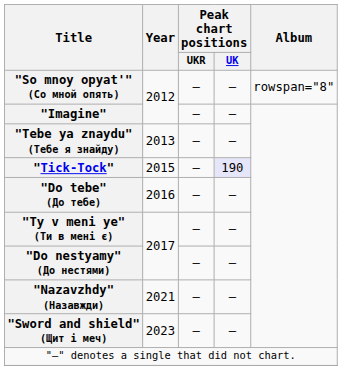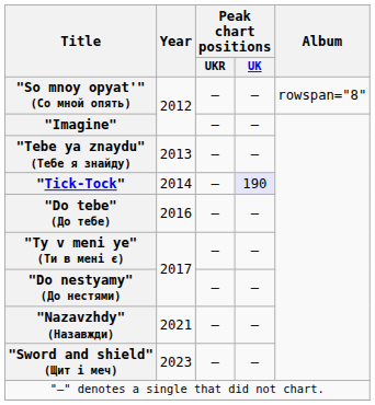 <table class="wikitable plainrowheaders" style="text-align:center;">
 <tr>
 <th scope="col" rowspan="2">Title</th>
 <th scope="col" rowspan="2">Year</th>
 <th scope="col" colspan="2">Peak chart positions</th>
 <th scope="col" rowspan="2">Album</th>
 </tr>
 <tr>
 <th scope="col" style="width:3em;font-size:85%;">UKR</th>
 <th scope="col" style="width:3em;font-size:85%;"><a href='#'>UK</a><br></th>
 </tr>
 <tr>
 <th scope="row">"So mnoy opyat'"<br><small>(Со мной опять)</small></th>
 <td rowspan="2">2012</td>
 <td>—</td>
 <td>—</td>
 <td>rowspan="8" </td>
 </tr>
 <tr>
 <th scope="row">"Imagine"</th>
 <td>—</td>
 <td>—</td>
 </tr>
 <tr>
 <th scope="row">"Tebe ya znaydu"<br><small>(Тебе я знайду)</small></th>
 <td>2013</td>
 <td>—</td>
 <td>—</td>
 </tr>
 <tr>
 <th scope="row">"<a href='#'>Tick-Tock</a>"</th>
-<td>2015</td>
+<td>2014</td>
 <td>—</td>
 <td style="background: lavender;">190</td>
 </tr>
 <tr>
 <th scope="row">"Do tebe"<br><small>(До тебе)</small></th>
 <td>2016</td>
 <td>—</td>
 <td>—</td>
 </tr>
 <tr>
 <th scope="row">"Ty v meni ye"<br><small>(Ти в мені є)</small></th>
 <td rowspan="2">2017</td>
 <td>—</td>
 <td>—</td>
 </tr>
 <tr>
 <th scope="row">"Do nestyamy"<br><small>(До нестями)</small></th>
 <td>—</td>
 <td>—</td>
 </tr>
 <tr>
 <th scope="row">"Nazavzhdy"<br><small>(Назавжди)</small></th>
 <td>2021</td>
 <td>—</td>
 <td>—</td>
 </tr>
 <tr>
 <th scope="row">"Sword and shield"<br><small>(Щит і меч)</small></th>
 <td>2023</td>
 <td>—</td>
 <td>—</td>
 </tr>
 <tr>
 <td colspan="18" style="font-size:85%">"—" denotes a single that did not chart.</td>
 </tr>
 <tr>
 </tr>
 </table>
